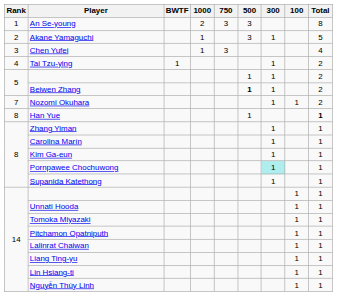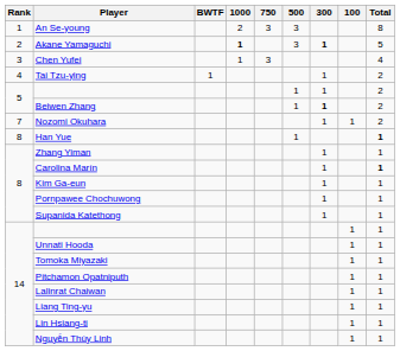 <table class="wikitable" style="font-size:75%; text-align:center">
 <tr>
 <th width="30">Rank</th>
 <th width="200">Player</th>
 <th width="30">BWTF</th>
 <th width="30">1000</th>
 <th width="30">750</th>
 <th width="30">500</th>
 <th width="30">300</th>
 <th width="30">100</th>
 <th width="30">Total</th>
 </tr>
 <tr>
 <td>1</td>
 <td align="left"> <a href='#'>An Se-young</a></td>
 <td></td>
 <td>2</td>
 <td>3</td>
 <td>3</td>
 <td></td>
 <td></td>
 <td>8</td>
 </tr>
 <tr>
 <td>2</td>
 <td align="left"> <a href='#'>Akane Yamaguchi</a></td>
 <td></td>
-<td>1</td>
+<td><strong>1</strong></td>
 <td></td>
 <td>3</td>
-<td>1</td>
+<td><strong>1</strong></td>
 <td></td>
 <td>5</td>
 </tr>
 <tr>
 <td>3</td>
 <td align="left"> <a href='#'>Chen Yufei</a></td>
 <td></td>
 <td>1</td>
 <td>3</td>
 <td></td>
 <td></td>
 <td></td>
 <td>4</td>
 </tr>
 <tr>
 <td>4</td>
 <td align="left"> <a href='#'>Tai Tzu-ying</a></td>
 <td>1</td>
 <td></td>
 <td></td>
 <td></td>
 <td>1</td>
 <td></td>
 <td>2</td>
 </tr>
 <tr>
 <td rowspan="2">5</td>
 <td align="left"> </td>
 <td></td>
 <td></td>
 <td></td>
 <td>1</td>
 <td>1</td>
 <td></td>
 <td>2</td>
 </tr>
 <tr>
 <td align="left"> <a href='#'>Beiwen Zhang</a></td>
 <td></td>
 <td></td>
 <td></td>
+<td>1</td>
 <td><strong>1</strong></td>
-<td>1</td>
 <td></td>
 <td>2</td>
 </tr>
 <tr>
 <td>7</td>
 <td align="left"> <a href='#'>Nozomi Okuhara</a></td>
 <td></td>
 <td></td>
 <td></td>
 <td></td>
 <td>1</td>
 <td>1</td>
 <td>2</td>
 </tr>
 <tr>
 <td>8</td>
 <td align="left"> <a href='#'>Han Yue</a></td>
 <td></td>
 <td></td>
 <td></td>
 <td>1</td>
 <td></td>
 <td></td>
 <td><strong>1</strong></td>
 </tr>
 <tr>
 <td rowspan="5">8</td>
 <td align="left"> <a href='#'>Zhang Yiman</a></td>
 <td></td>
 <td></td>
 <td></td>
 <td></td>
 <td>1</td>
 <td></td>
 <td>1</td>
 </tr>
 <tr>
 <td align="left"> <a href='#'>Carolina Marín</a></td>
 <td></td>
 <td></td>
 <td></td>
 <td></td>
 <td>1</td>
 <td></td>
-<td>1</td>
+<td><strong>1</strong></td>
 </tr>
 <tr>
 <td align="left"> <a href='#'>Kim Ga-eun</a></td>
 <td></td>
 <td></td>
 <td></td>
 <td></td>
 <td>1</td>
 <td></td>
 <td>1</td>
 </tr>
 <tr>
 <td align="left"> <a href='#'>Pornpawee Chochuwong</a></td>
 <td></td>
 <td></td>
 <td></td>
 <td></td>
-<td style="background: paleturquoise;">1</td>
+<td>1</td>
 <td></td>
 <td>1</td>
 </tr>
 <tr>
 <td align="left"> <a href='#'>Supanida Katethong</a></td>
 <td></td>
 <td></td>
 <td></td>
 <td></td>
 <td>1</td>
 <td></td>
 <td>1</td>
 </tr>
 <tr>
 <td rowspan="8">14</td>
 <td align="left"> </td>
 <td></td>
 <td></td>
 <td></td>
 <td></td>
 <td></td>
 <td>1</td>
 <td>1</td>
 </tr>
 <tr>
 <td align="left"> <a href='#'>Unnati Hooda</a></td>
 <td></td>
 <td></td>
 <td></td>
 <td></td>
 <td></td>
 <td>1</td>
 <td>1</td>
 </tr>
 <tr>
 <td align="left"> <a href='#'>Tomoka Miyazaki</a></td>
 <td></td>
 <td></td>
 <td></td>
 <td></td>
 <td></td>
 <td>1</td>
 <td>1</td>
 </tr>
 <tr>
 <td align="left"> <a href='#'>Pitchamon Opatniputh</a></td>
 <td></td>
 <td></td>
 <td></td>
 <td></td>
 <td></td>
 <td>1</td>
 <td>1</td>
 </tr>
 <tr>
 <td align="left"> <a href='#'>Lalinrat Chaiwan</a></td>
 <td></td>
 <td></td>
 <td></td>
 <td></td>
 <td></td>
 <td>1</td>
 <td>1</td>
 </tr>
 <tr>
 <td align="left"> <a href='#'>Liang Ting-yu</a></td>
 <td></td>
 <td></td>
 <td></td>
 <td></td>
 <td></td>
 <td>1</td>
 <td>1</td>
 </tr>
 <tr>
 <td align="left"> <a href='#'>Lin Hsiang-ti</a></td>
 <td></td>
 <td></td>
 <td></td>
 <td></td>
 <td></td>
 <td>1</td>
 <td>1</td>
 </tr>
 <tr>
 <td align="left"> <a href='#'>Nguyễn Thùy Linh</a></td>
 <td></td>
 <td></td>
 <td></td>
 <td></td>
 <td></td>
 <td>1</td>
 <td>1</td>
 </tr>
 </table>
